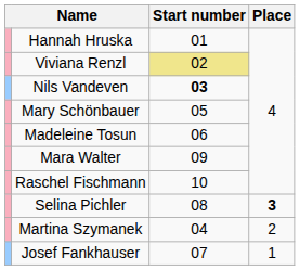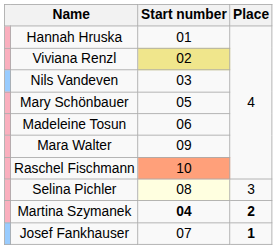 <table class="wikitable sortable" style="text-align:center">
 <tr>
 <th colspan=2>Name</th>
 <th>Start number</th>
 <th>Place</th>
 </tr>
 <tr>
 <td style="background:#faafbe"></td>
 <td>Hannah Hruska</td>
 <td>01</td>
 <td rowspan=7>4</td>
 </tr>
 <tr>
 <td style="background:#faafbe"></td>
 <td>Viviana Renzl</td>
 <td style="background: khaki;">02</td>
 </tr>
 <tr>
 <td style="background:#9cf;"></td>
 <td>Nils Vandeven</td>
-<td><strong>03</strong></td>
+<td>03</td>
 </tr>
 <tr>
 <td style="background:#faafbe"></td>
 <td>Mary Schönbauer</td>
 <td>05</td>
 </tr>
 <tr>
 <td style="background:#faafbe"></td>
 <td>Madeleine Tosun</td>
 <td>06</td>
 </tr>
 <tr>
 <td style="background:#faafbe"></td>
 <td>Mara Walter</td>
 <td>09</td>
 </tr>
 <tr>
 <td style="background:#faafbe"></td>
 <td>Raschel Fischmann</td>
-<td>10</td>
+<td style="background: lightsalmon;">10</td>
 </tr>
 <tr>
 <td style="background:#faafbe"></td>
 <td>Selina Pichler</td>
-<td>08</td>
-<td><strong>3</strong></td>
+<td style="background: lightyellow;">08</td>
+<td>3</td>
 </tr>
 <tr>
 <td style="background:#faafbe"></td>
 <td>Martina Szymanek</td>
-<td>04</td>
-<td>2</td>
+<td><strong>04</strong></td>
+<td><strong>2</strong></td>
 </tr>
 <tr>
 <td style="background:#9cf;"></td>
 <td>Josef Fankhauser</td>
 <td>07</td>
-<td>1</td>
+<td><strong>1</strong></td>
 </tr>
 </table>
